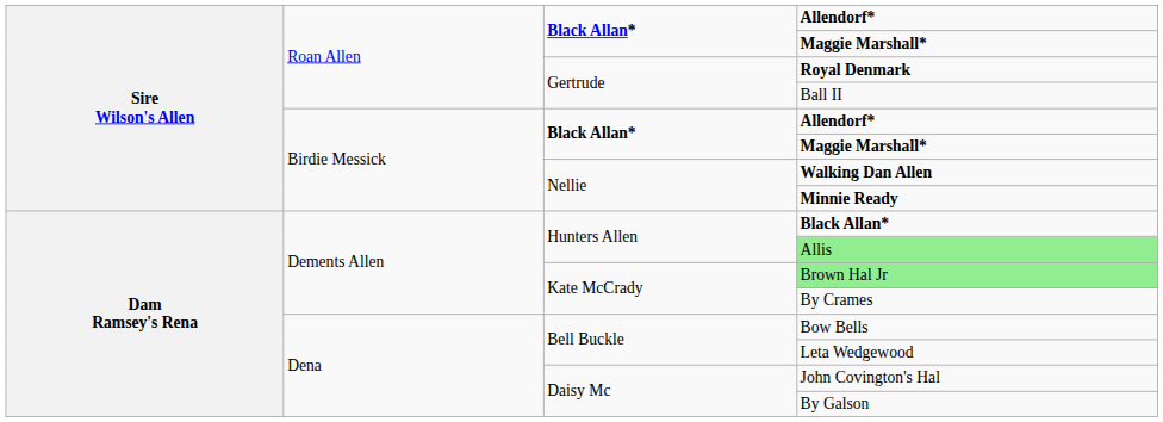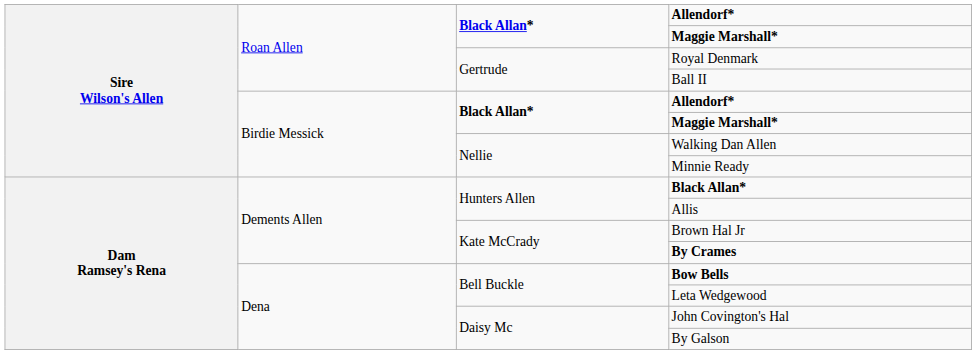 <table class="wikitable" style="clear:both; margin:0em auto; width:90%;">
 <tr>
 <th rowspan="8">Sire<br><a href='#'>Wilson's Allen</a></th>
 <td rowspan="4"><a href='#'>Roan Allen</a></td>
 <td rowspan="2"><strong><a href='#'>Black Allan</a>*</strong></td>
 <td><strong>Allendorf*</strong></td>
 </tr>
 <tr>
 <td><strong>Maggie Marshall*</strong></td>
 </tr>
 <tr>
 <td rowspan="2">Gertrude</td>
-<td><strong>Royal Denmark</strong></td>
+<td>Royal Denmark</td>
 </tr>
 <tr>
 <td>Ball II</td>
 </tr>
 <tr>
 <td rowspan="4">Birdie Messick</td>
 <td rowspan="2"><strong>Black Allan*</strong></td>
 <td><strong>Allendorf*</strong></td>
 </tr>
 <tr>
 <td><strong>Maggie Marshall*</strong></td>
 </tr>
 <tr>
 <td rowspan="2">Nellie</td>
-<td><strong>Walking Dan Allen</strong></td>
+<td>Walking Dan Allen</td>
 </tr>
 <tr>
-<td><strong>Minnie Ready</strong></td>
+<td>Minnie Ready</td>
 </tr>
 <tr>
 <th rowspan="8">Dam<br>Ramsey's Rena</th>
 <td rowspan="4">Dements Allen</td>
 <td rowspan="2">Hunters Allen</td>
 <td><strong>Black Allan*</strong></td>
 </tr>
 <tr>
-<td style="background: lightgreen;">Allis</td>
+<td>Allis</td>
 </tr>
 <tr>
 <td rowspan="2">Kate McCrady</td>
-<td style="background: lightgreen;">Brown Hal Jr</td>
+<td>Brown Hal Jr</td>
 </tr>
 <tr>
-<td>By Crames</td>
+<td><strong>By Crames</strong></td>
 </tr>
 <tr>
 <td rowspan="4">Dena</td>
 <td rowspan="2">Bell Buckle</td>
-<td>Bow Bells</td>
+<td><strong>Bow Bells</strong></td>
 </tr>
 <tr>
 <td>Leta Wedgewood</td>
 </tr>
 <tr>
 <td rowspan="2">Daisy Mc</td>
 <td>John Covington's Hal</td>
 </tr>
 <tr>
 <td>By Galson</td>
 </tr>
 </table>
